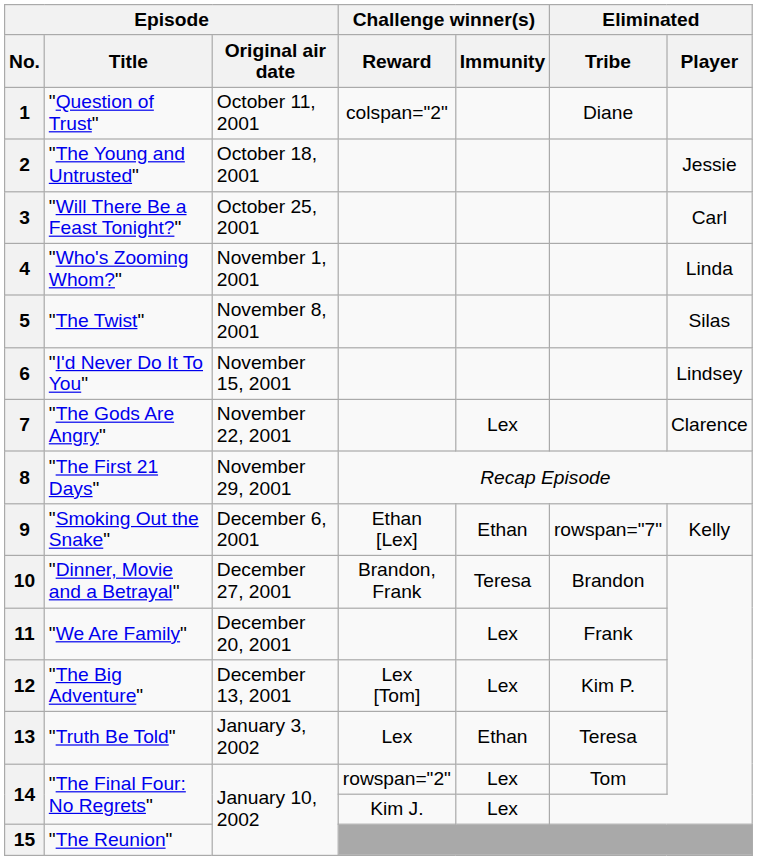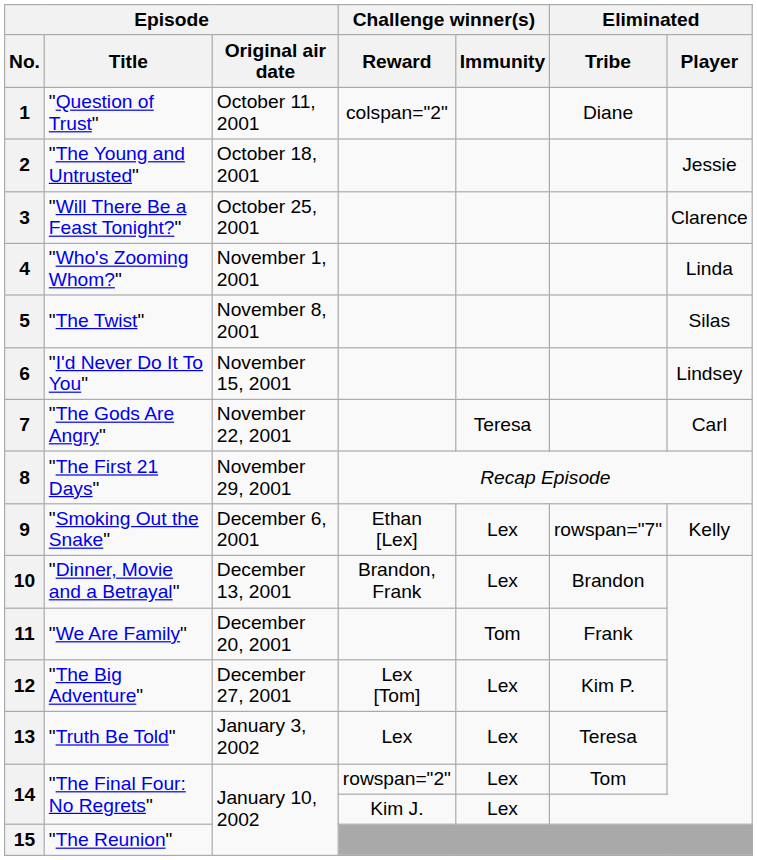 <table class="wikitable nowrap" style="margin:auto; text-align:center;">
 <tr>
 <th scope="colgroup" colspan="3">Episode</th>
 <th scope="colgroup" colspan="2">Challenge winner(s)</th>
 <th scope="colgroup" colspan="2">Eliminated</th>
 </tr>
 <tr>
 <th scope="col">No.</th>
 <th scope="col">Title</th>
 <th scope="col">Original air date</th>
 <th scope="col">Reward</th>
 <th scope="col">Immunity</th>
 <th scope="col">Tribe</th>
 <th scope="col">Player</th>
 </tr>
 <tr>
 <th>1</th>
 <td style="text-align:left;">"<a href='#'>Question of Trust</a>"</td>
 <td style="text-align:left;">October 11, 2001</td>
 <td>colspan="2" </td>
 <td></td>
 <td>Diane</td>
 </tr>
 <tr>
 <th>2</th>
 <td style="text-align:left;">"<a href='#'>The Young and Untrusted</a>"</td>
 <td style="text-align:left;">October 18, 2001</td>
 <td></td>
 <td></td>
 <td></td>
 <td>Jessie</td>
 </tr>
 <tr>
 <th>3</th>
 <td style="text-align:left;">"<a href='#'>Will There Be a Feast Tonight?</a>"</td>
 <td style="text-align:left;">October 25, 2001</td>
 <td></td>
 <td></td>
 <td></td>
-<td>Carl</td>
+<td>Clarence</td>
 </tr>
 <tr>
 <th>4</th>
 <td style="text-align:left;">"<a href='#'>Who's Zooming Whom?</a>"</td>
 <td style="text-align:left;">November 1, 2001</td>
 <td></td>
 <td></td>
 <td></td>
 <td>Linda</td>
 </tr>
 <tr>
 <th>5</th>
 <td style="text-align:left;">"<a href='#'>The Twist</a>"</td>
 <td style="text-align:left;">November 8, 2001</td>
 <td></td>
 <td></td>
 <td></td>
 <td>Silas</td>
 </tr>
 <tr>
 <th>6</th>
 <td style="text-align:left;">"<a href='#'>I'd Never Do It To You</a>"</td>
 <td style="text-align:left;">November 15, 2001</td>
 <td></td>
 <td></td>
 <td></td>
 <td>Lindsey</td>
 </tr>
 <tr>
 <th>7</th>
 <td style="text-align:left;">"<a href='#'>The Gods Are Angry</a>"</td>
 <td style="text-align:left;">November 22, 2001</td>
 <td></td>
-<td>Lex</td>
+<td>Teresa</td>
 <td></td>
-<td>Clarence</td>
+<td>Carl</td>
 </tr>
 <tr>
 <th>8</th>
 <td style="text-align:left;">"<a href='#'>The First 21 Days</a>"</td>
 <td style="text-align:left;">November 29, 2001</td>
 <td colspan="4"><em>Recap Episode</em></td>
 </tr>
 <tr>
 <th>9</th>
 <td style="text-align:left;">"<a href='#'>Smoking Out the Snake</a>"</td>
 <td style="text-align:left;">December 6, 2001</td>
 <td>Ethan<br>[Lex]</td>
-<td>Ethan</td>
+<td>Lex</td>
 <td>rowspan="7" </td>
 <td>Kelly</td>
 </tr>
 <tr>
 <th>10</th>
 <td style="text-align:left;">"<a href='#'>Dinner, Movie and a Betrayal</a>"</td>
-<td style="text-align:left;">December 27, 2001</td>
+<td style="text-align:left;">December 13, 2001</td>
 <td>Brandon,<br>Frank</td>
-<td>Teresa</td>
+<td>Lex</td>
 <td>Brandon</td>
 </tr>
 <tr>
 <th>11</th>
 <td style="text-align:left;">"<a href='#'>We Are Family</a>"</td>
 <td style="text-align:left;">December 20, 2001</td>
 <td></td>
-<td>Lex</td>
+<td>Tom</td>
 <td>Frank</td>
 </tr>
 <tr>
 <th>12</th>
 <td style="text-align:left;">"<a href='#'>The Big Adventure</a>"</td>
-<td style="text-align:left;">December 13, 2001</td>
+<td style="text-align:left;">December 27, 2001</td>
 <td>Lex<br>[Tom]</td>
 <td>Lex</td>
 <td>Kim P.</td>
 </tr>
 <tr>
 <th>13</th>
 <td style="text-align:left;">"<a href='#'>Truth Be Told</a>"</td>
 <td style="text-align:left;">January 3, 2002</td>
 <td>Lex</td>
-<td>Ethan</td>
+<td>Lex</td>
 <td>Teresa</td>
 </tr>
 <tr>
 <th rowspan="2">14</th>
 <td rowspan="2" style="text-align:left;">"<a href='#'>The Final Four: No Regrets</a>"</td>
 <td rowspan="3" style="text-align:left;">January 10, 2002</td>
 <td>rowspan="2" </td>
 <td>Lex</td>
 <td>Tom</td>
 </tr>
 <tr>
 <td>Kim J.</td>
 <td>Lex</td>
 </tr>
 <tr>
 <th>15</th>
 <td style="text-align:left;">"<a href='#'>The Reunion</a>"</td>
 <td colspan="4" style="background-color:darkgrey;"></td>
 </tr>
 </table>
